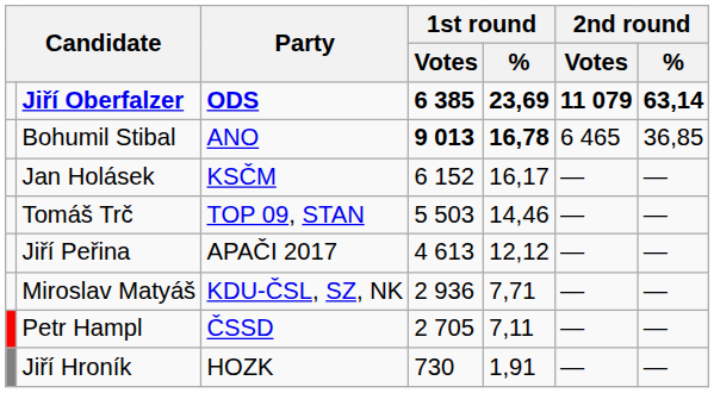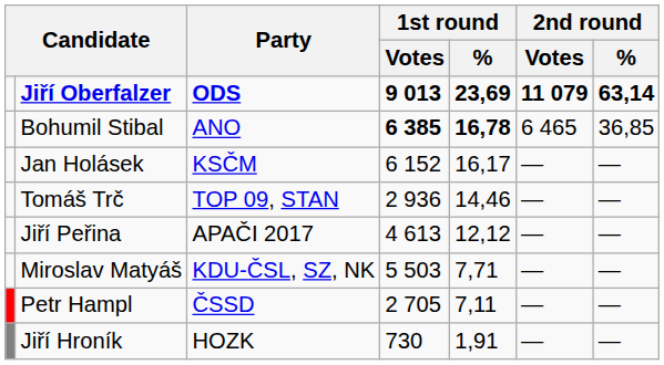 <table class="wikitable sortable">
 <tr>
 <th colspan="2" rowspan="2">Candidate</th>
 <th rowspan="2">Party</th>
 <th colspan="2">1st round</th>
 <th colspan="2">2nd round</th>
 </tr>
 <tr>
 <th>Votes</th>
 <th>%</th>
 <th>Votes</th>
 <th>%</th>
 </tr>
 <tr>
 <td style="background-color:"></td>
 <td><strong><a href='#'>Jiří Oberfalzer</a></strong></td>
 <td><a href='#'><strong>ODS</strong></a></td>
-<td><strong>6 385</strong></td>
+<td><strong>9 013</strong></td>
 <td><strong>23,69</strong></td>
 <td><strong>11 079</strong></td>
 <td><strong>63,14</strong></td>
 </tr>
 <tr>
 <td style="background-color:"></td>
 <td>Bohumil Stibal</td>
 <td><a href='#'>ANO</a></td>
-<td><strong>9 013</strong></td>
+<td><strong>6 385</strong></td>
 <td><strong>16,78</strong></td>
 <td>6 465</td>
 <td>36,85</td>
 </tr>
 <tr>
 <td style="background-color:"></td>
 <td>Jan Holásek</td>
 <td><a href='#'>KSČM</a></td>
 <td>6 152</td>
 <td>16,17</td>
 <td>—</td>
 <td>—</td>
 </tr>
 <tr>
 <td style="background-color:"></td>
 <td>Tomáš Trč</td>
 <td><a href='#'>TOP 09</a>, <a href='#'>STAN</a></td>
-<td>5 503</td>
+<td>2 936</td>
 <td>14,46</td>
 <td>—</td>
 <td>—</td>
 </tr>
 <tr>
 <td style="background-color:"></td>
 <td>Jiří Peřina</td>
 <td>APAČI 2017</td>
 <td>4 613</td>
 <td>12,12</td>
 <td>—</td>
 <td>—</td>
 </tr>
 <tr>
 <td style="background-color:"></td>
 <td>Miroslav Matyáš</td>
 <td><a href='#'>KDU-ČSL</a>, <a href='#'>SZ</a>, NK</td>
-<td>2 936</td>
+<td>5 503</td>
 <td>7,71</td>
 <td>—</td>
 <td>—</td>
 </tr>
 <tr>
 <td style="background-color:red;"></td>
 <td>Petr Hampl</td>
 <td><a href='#'>ČSSD</a></td>
 <td>2 705</td>
 <td>7,11</td>
 <td>—</td>
 <td>—</td>
 </tr>
 <tr>
 <td style="background-color:grey;"></td>
 <td>Jiří Hroník</td>
 <td>HOZK</td>
 <td>730</td>
 <td>1,91</td>
 <td>—</td>
 <td>—</td>
 </tr>
 </table>
